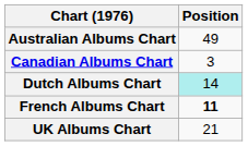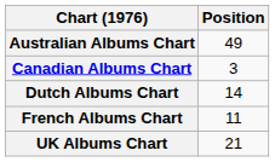 <table class="wikitable sortable plainrowheaders" style="text-align:center;">
 <tr>
 <th scope="col">Chart (1976)</th>
 <th scope="col">Position</th>
 </tr>
 <tr>
 <th scope="row">Australian Albums Chart</th>
 <td>49</td>
 </tr>
 <tr>
 <th scope="row"><a href='#'>Canadian Albums Chart</a></th>
 <td>3</td>
 </tr>
 <tr>
 <th scope="row">Dutch Albums Chart</th>
-<td style="background: paleturquoise;">14</td>
+<td>14</td>
 </tr>
 <tr>
 <th scope="row">French Albums Chart</th>
-<td><strong>11</strong></td>
+<td>11</td>
 </tr>
 <tr>
 <th scope="row">UK Albums Chart</th>
 <td>21</td>
 </tr>
 </table>
